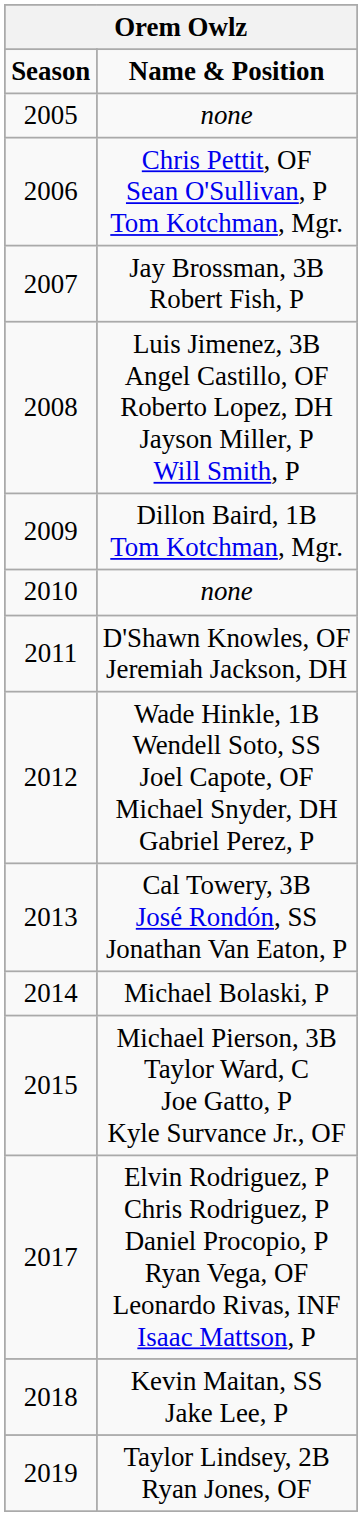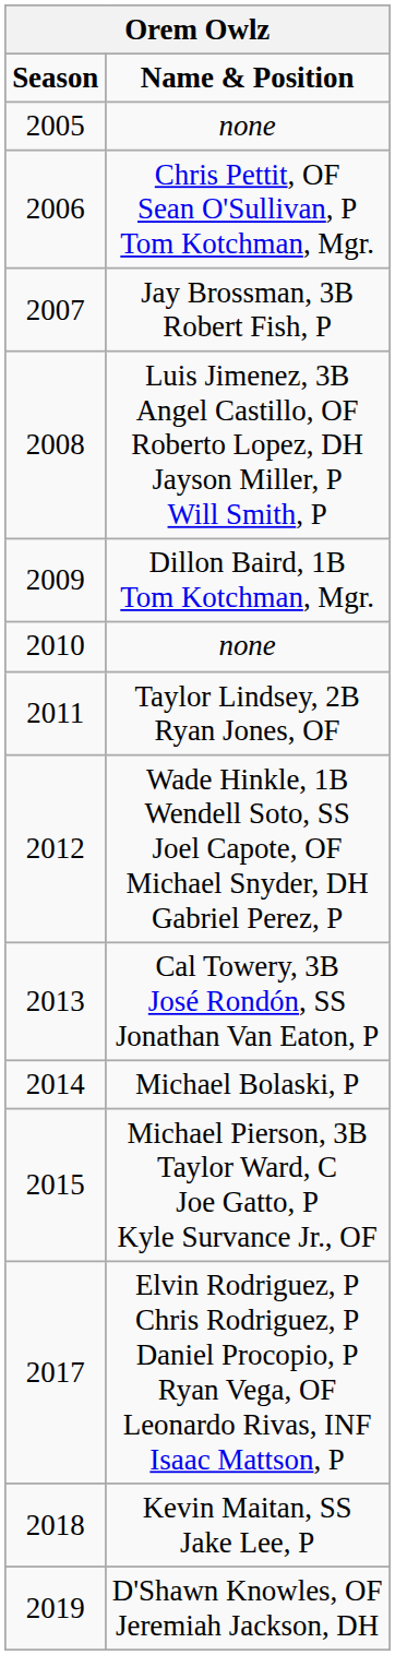 <table class="wikitable collapsible collapsed" style="text-align:center; font-size: 95%;">
 <tr>
 <th colspan=2>Orem Owlz</th>
 </tr>
 <tr>
 <td><strong>Season</strong></td>
 <td><strong>Name & Position</strong></td>
 </tr>
 <tr>
 <td>2005</td>
 <td><em>none</em></td>
 </tr>
 <tr>
 <td>2006</td>
 <td><a href='#'>Chris Pettit</a>, OF<br><a href='#'>Sean O'Sullivan</a>, P<br><a href='#'>Tom Kotchman</a>, Mgr.</td>
 </tr>
 <tr>
 <td>2007</td>
 <td>Jay Brossman, 3B<br>Robert Fish, P</td>
 </tr>
 <tr>
 <td>2008</td>
 <td>Luis Jimenez, 3B<br>Angel Castillo, OF<br>Roberto Lopez, DH<br>Jayson Miller, P<br><a href='#'>Will Smith</a>, P</td>
 </tr>
 <tr>
 <td>2009</td>
 <td>Dillon Baird, 1B<br><a href='#'>Tom Kotchman</a>, Mgr.</td>
 </tr>
 <tr>
 <td>2010</td>
 <td><em>none</em></td>
 </tr>
 <tr>
 <td>2011</td>
-<td>D'Shawn Knowles, OF<br> Jeremiah Jackson, DH</td>
+<td>Taylor Lindsey, 2B<br>Ryan Jones, OF</td>
 </tr>
 <tr>
 <td>2012</td>
 <td>Wade Hinkle, 1B<br>Wendell Soto, SS<br>Joel Capote, OF<br>Michael Snyder, DH<br>Gabriel Perez, P</td>
 </tr>
 <tr>
 <td>2013</td>
 <td>Cal Towery, 3B<br><a href='#'>José Rondón</a>, SS<br>Jonathan Van Eaton, P</td>
 </tr>
 <tr>
 <td>2014</td>
 <td>Michael Bolaski, P</td>
 </tr>
 <tr>
 <td>2015</td>
 <td>Michael Pierson, 3B<br>Taylor Ward, C<br>Joe Gatto, P<br>Kyle Survance Jr., OF</td>
 </tr>
 <tr>
 <td>2017</td>
 <td>Elvin Rodriguez, P<br>Chris Rodriguez, P<br>Daniel Procopio, P<br>Ryan Vega, OF<br>Leonardo Rivas, INF<br><a href='#'>Isaac Mattson</a>, P</td>
 </tr>
 <tr>
 <td>2018</td>
 <td>Kevin Maitan, SS<br>Jake Lee, P<br></td>
 </tr>
 <tr>
 <td>2019</td>
-<td>Taylor Lindsey, 2B<br>Ryan Jones, OF</td>
+<td>D'Shawn Knowles, OF<br> Jeremiah Jackson, DH</td>
 </tr>
 </table>
